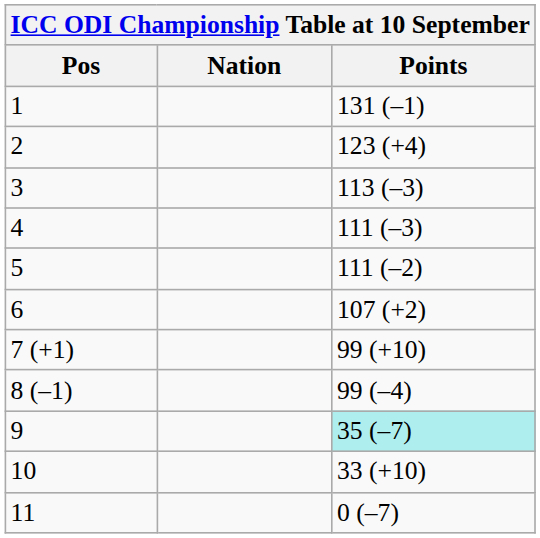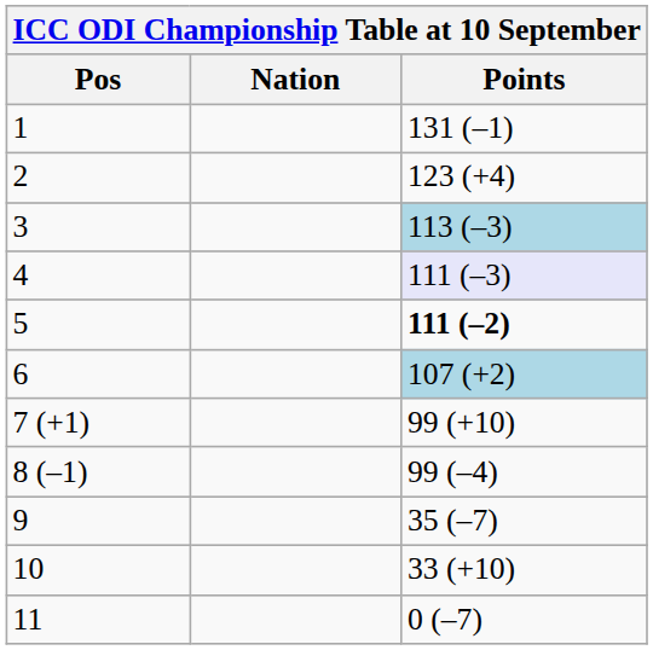 <table class="wikitable" style="text-align:left; width:auto; margin:auto">
 <tr>
 <th colspan="3"><a href='#'>ICC ODI Championship</a> Table at 10 September</th>
 </tr>
 <tr style="background:#efefef;">
 <th>Pos</th>
 <th>Nation</th>
 <th>Points</th>
 </tr>
 <tr>
 <td>1</td>
 <td></td>
 <td>131 (–1)</td>
 </tr>
 <tr>
 <td>2</td>
 <td></td>
 <td>123 (+4)</td>
 </tr>
 <tr>
 <td>3</td>
 <td></td>
-<td>113 (–3)</td>
+<td style="background: lightblue;">113 (–3)</td>
 </tr>
 <tr>
 <td>4</td>
 <td></td>
-<td>111 (–3)</td>
+<td style="background: lavender;">111 (–3)</td>
 </tr>
 <tr>
 <td>5</td>
 <td></td>
-<td>111 (–2)</td>
+<td><strong>111 (–2)</strong></td>
 </tr>
 <tr>
 <td>6</td>
 <td></td>
-<td>107 (+2)</td>
+<td style="background: lightblue;">107 (+2)</td>
 </tr>
 <tr>
 <td>7 (+1)</td>
 <td></td>
 <td>99 (+10)</td>
 </tr>
 <tr>
 <td>8 (–1)</td>
 <td></td>
 <td>99 (–4)</td>
 </tr>
 <tr>
 <td>9</td>
 <td></td>
-<td style="background: paleturquoise;">35 (–7)</td>
+<td>35 (–7)</td>
 </tr>
 <tr>
 <td>10</td>
 <td></td>
 <td>33 (+10)</td>
 </tr>
 <tr>
 <td>11</td>
 <td></td>
 <td>0 (–7)</td>
 </tr>
 </table>
